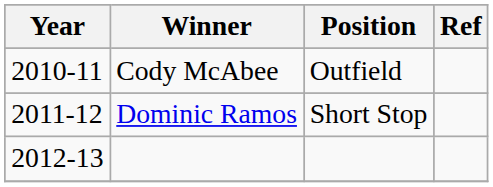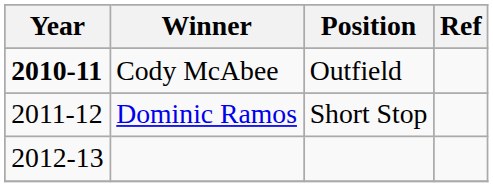 <table class="wikitable sortable">
 <tr>
 <th>Year</th>
 <th>Winner</th>
 <th>Position</th>
 <th class=unsortable>Ref</th>
 </tr>
 <tr>
-<td>2010-11</td>
+<td><strong>2010-11</strong></td>
 <td>Cody McAbee</td>
 <td>Outfield</td>
 <td></td>
 </tr>
 <tr>
 <td>2011-12</td>
 <td><a href='#'>Dominic Ramos</a></td>
 <td>Short Stop</td>
 <td></td>
 </tr>
 <tr>
 <td>2012-13</td>
 <td></td>
 <td></td>
 <td></td>
 </tr>
 <tr>
 </tr>
 </table>
